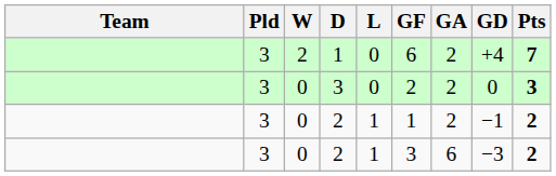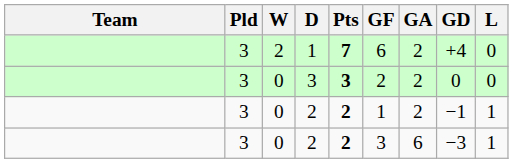 <table class="wikitable" style="text-align: center;">
 <tr>
 <th width=175>Team</th>
 <th width=20>Pld</th>
 <th width=20>W</th>
 <th width=20>D</th>
-<th width=20>L</th>
+<th width=20>Pts</th>
 <th width=20>GF</th>
 <th width=20>GA</th>
 <th width=20>GD</th>
-<th width=20>Pts</th>
+<th width=20>L</th>
 </tr>
 <tr bgcolor=#ccffcc>
 <td style="text-align:left;"></td>
 <td>3</td>
 <td>2</td>
 <td>1</td>
-<td>0</td>
+<td><strong>7</strong></td>
 <td>6</td>
 <td>2</td>
 <td>+4</td>
-<td><strong>7</strong></td>
+<td>0</td>
 </tr>
 <tr bgcolor=#ccffcc>
 <td style="text-align:left;"></td>
 <td>3</td>
 <td>0</td>
 <td>3</td>
-<td>0</td>
+<td><strong>3</strong></td>
 <td>2</td>
 <td>2</td>
 <td>0</td>
-<td><strong>3</strong></td>
+<td>0</td>
 </tr>
 <tr>
 <td style="text-align:left;"></td>
 <td>3</td>
 <td>0</td>
 <td>2</td>
-<td>1</td>
+<td><strong>2</strong></td>
 <td>1</td>
 <td>2</td>
 <td>−1</td>
-<td><strong>2</strong></td>
+<td>1</td>
 </tr>
 <tr>
 <td style="text-align:left;"></td>
 <td>3</td>
 <td>0</td>
 <td>2</td>
-<td>1</td>
+<td><strong>2</strong></td>
 <td>3</td>
 <td>6</td>
 <td>−3</td>
-<td><strong>2</strong></td>
+<td>1</td>
 </tr>
 </table>
